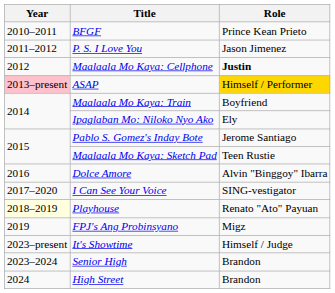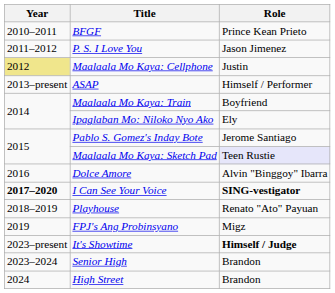 <table class="wikitable">
 <tr>
 <th>Year</th>
 <th>Title</th>
 <th>Role</th>
 </tr>
 <tr>
 <td>2010–2011</td>
 <td><em><a href='#'>BFGF</a></em></td>
 <td>Prince Kean Prieto</td>
 </tr>
 <tr>
 <td>2011–2012</td>
 <td><em><a href='#'>P. S. I Love You</a></em></td>
 <td>Jason Jimenez</td>
 </tr>
 <tr>
-<td>2012</td>
+<td style="background: khaki;">2012</td>
 <td><em><a href='#'> Maalaala Mo Kaya: Cellphone</a></em></td>
-<td><strong>Justin</strong></td>
+<td>Justin</td>
 </tr>
 <tr>
-<td style="background: pink;">2013–present</td>
+<td>2013–present</td>
 <td><em><a href='#'>ASAP</a></em></td>
-<td style="background: gold;">Himself / Performer</td>
+<td>Himself / Performer</td>
 </tr>
 <tr>
 <td rowspan="2">2014</td>
 <td><em><a href='#'>Maalaala Mo Kaya: Train</a></em></td>
 <td>Boyfriend</td>
 </tr>
 <tr>
 <td><em><a href='#'>Ipaglaban Mo: Niloko Nyo Ako</a></em></td>
 <td>Ely</td>
 </tr>
 <tr>
 <td rowspan="2">2015</td>
 <td><em><a href='#'>Pablo S. Gomez's Inday Bote</a></em></td>
 <td>Jerome Santiago</td>
 </tr>
 <tr>
 <td><em><a href='#'>Maalaala Mo Kaya: Sketch Pad</a></em></td>
-<td>Teen Rustie</td>
+<td style="background: lavender;">Teen Rustie</td>
 </tr>
 <tr>
 <td>2016</td>
 <td><em><a href='#'>Dolce Amore</a></em></td>
 <td>Alvin "Binggoy" Ibarra</td>
 </tr>
 <tr>
-<td>2017–2020</td>
+<td><strong>2017–2020</strong></td>
 <td><em><a href='#'>I Can See Your Voice</a></em></td>
-<td>SING-vestigator</td>
+<td><strong>SING-vestigator</strong></td>
 </tr>
 <tr>
-<td style="background: lightyellow;">2018–2019</td>
+<td>2018–2019</td>
 <td><em><a href='#'>Playhouse</a></em></td>
 <td>Renato "Ato" Payuan</td>
 </tr>
 <tr>
 <td>2019</td>
 <td><em><a href='#'>FPJ's Ang Probinsyano</a></em></td>
 <td>Migz</td>
 </tr>
 <tr>
 <td>2023–present</td>
 <td><em><a href='#'>It's Showtime</a></em></td>
-<td>Himself / Judge</td>
+<td><strong>Himself / Judge</strong></td>
 </tr>
 <tr>
 <td>2023–2024</td>
 <td><em><a href='#'>Senior High</a></em></td>
 <td>Brandon</td>
 </tr>
 <tr>
 <td>2024</td>
 <td><em><a href='#'>High Street</a></em></td>
 <td>Brandon</td>
 </tr>
 </table>
